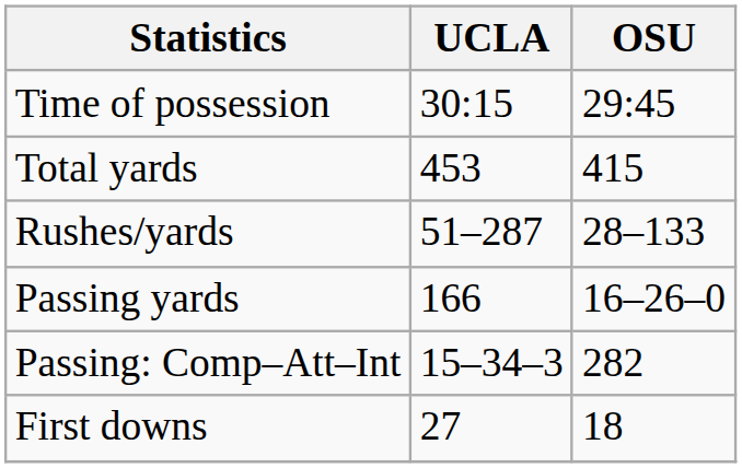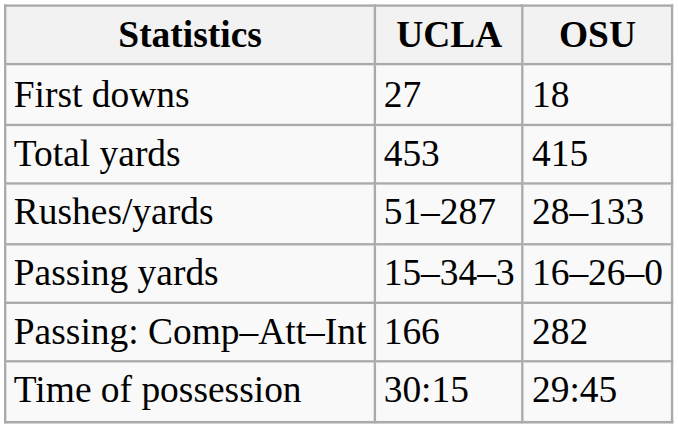 <table class="wikitable" style="float: left;">
 <tr>
 <th>Statistics</th>
 <th>UCLA</th>
 <th>OSU</th>
 </tr>
 <tr>
-<td>Time of possession</td>
-<td>30:15</td>
-<td>29:45</td>
+<td>First downs</td>
+<td>27</td>
+<td>18</td>
 </tr>
 <tr>
 <td>Total yards</td>
 <td>453</td>
 <td>415</td>
 </tr>
 <tr>
 <td>Rushes/yards</td>
 <td>51–287</td>
 <td>28–133</td>
 </tr>
 <tr>
 <td>Passing yards</td>
-<td>166</td>
+<td>15–34–3</td>
 <td>16–26–0</td>
 </tr>
 <tr>
 <td>Passing: Comp–Att–Int</td>
-<td>15–34–3</td>
+<td>166</td>
 <td>282</td>
 </tr>
 <tr>
-<td>First downs</td>
-<td>27</td>
-<td>18</td>
+<td>Time of possession</td>
+<td>30:15</td>
+<td>29:45</td>
 </tr>
 <tr>
 </tr>
 </table>
